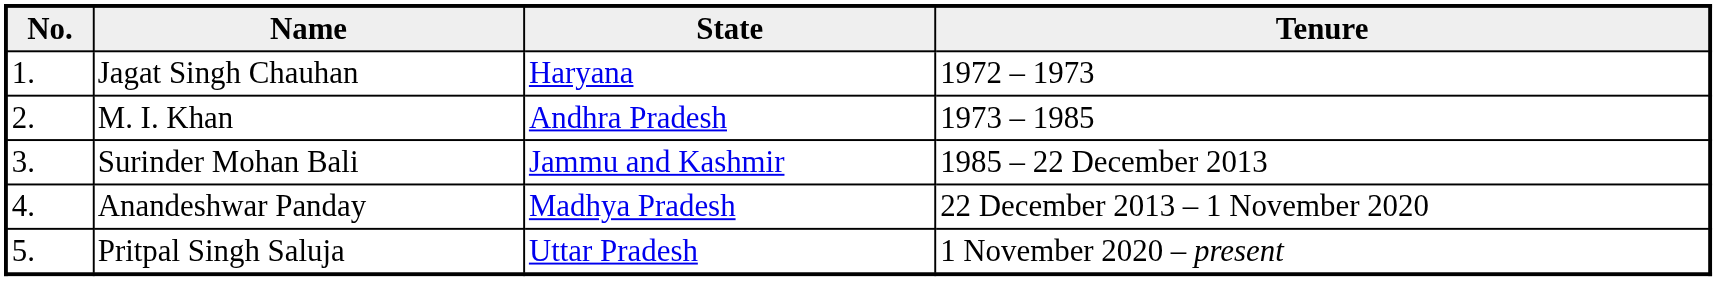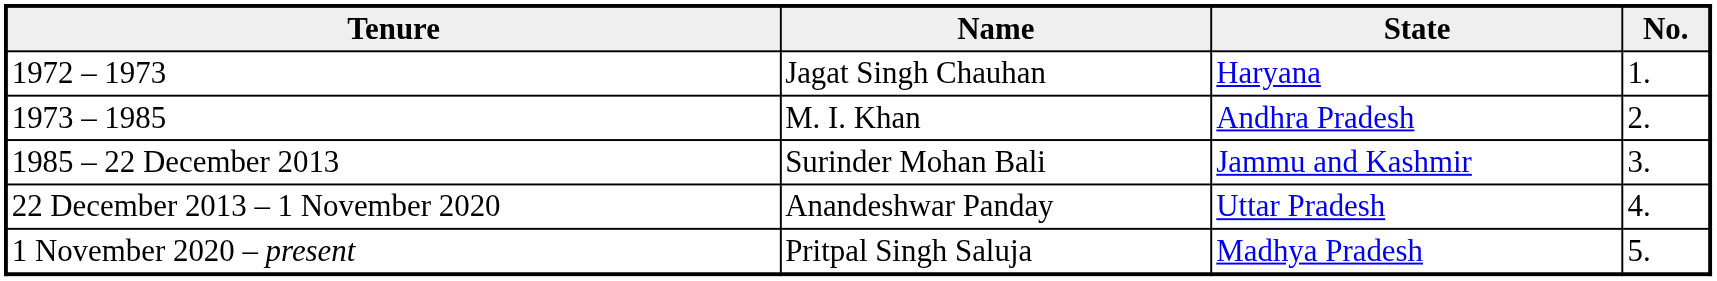 <table class="sortable" style="border-collapse: collapse; border: 2px #000000 solid; font-size: x-big; font-family: verdana" width="70%" cellspacing="0" cellpadding="2" border="1">
 <tr bgcolor="efefef" align="center">
-<th>No.</th>
+<th>Tenure</th>
 <th>Name</th>
 <th>State</th>
-<th>Tenure</th>
+<th>No.</th>
 </tr>
 <tr>
-<td>1.</td>
+<td>1972 – 1973</td>
 <td>Jagat Singh Chauhan</td>
 <td><a href='#'>Haryana</a></td>
-<td>1972 – 1973</td>
+<td>1.</td>
 </tr>
 <tr>
-<td>2.</td>
+<td>1973 – 1985</td>
 <td>M. I. Khan</td>
 <td><a href='#'>Andhra Pradesh</a></td>
-<td>1973 – 1985</td>
+<td>2.</td>
 </tr>
 <tr>
-<td>3.</td>
+<td>1985 – 22 December 2013</td>
 <td>Surinder Mohan Bali</td>
 <td><a href='#'>Jammu and Kashmir</a></td>
-<td>1985 – 22 December 2013</td>
+<td>3.</td>
 </tr>
 <tr>
+<td>22 December 2013 – 1 November 2020</td>
+<td>Anandeshwar Panday</td>
+<td><a href='#'>Uttar Pradesh</a></td>
 <td>4.</td>
-<td>Anandeshwar Panday</td>
-<td><a href='#'>Madhya Pradesh</a></td>
-<td>22 December 2013 – 1 November 2020</td>
 </tr>
 <tr>
+<td>1 November 2020 – <em>present</em></td>
+<td>Pritpal Singh Saluja</td>
+<td><a href='#'>Madhya Pradesh</a></td>
 <td>5.</td>
-<td>Pritpal Singh Saluja</td>
-<td><a href='#'>Uttar Pradesh</a></td>
-<td>1 November 2020 – <em>present</em></td>
 </tr>
 </table>
